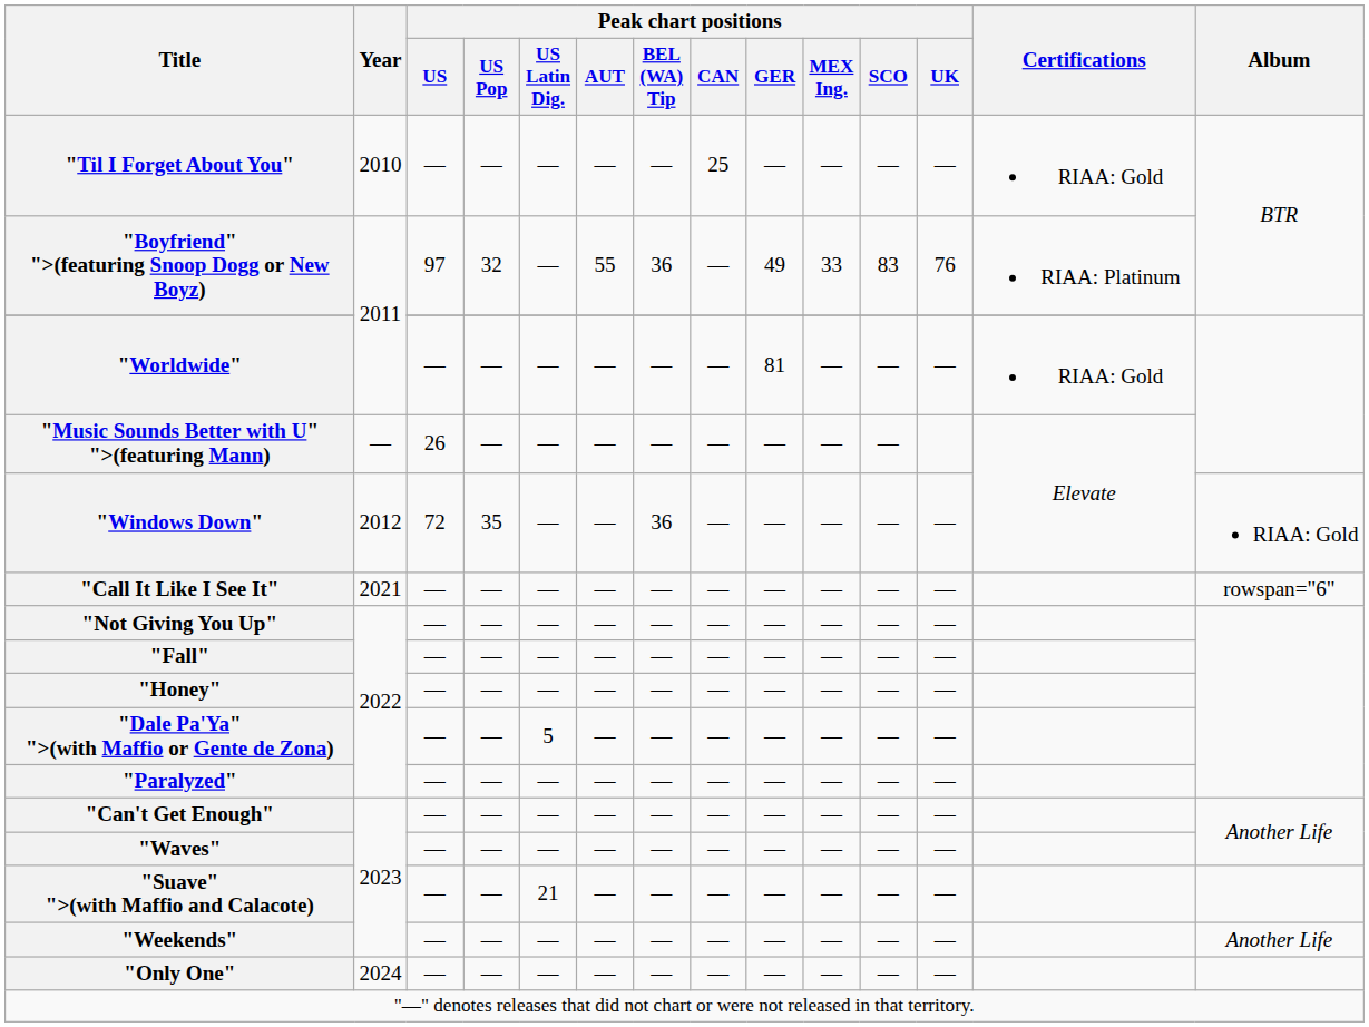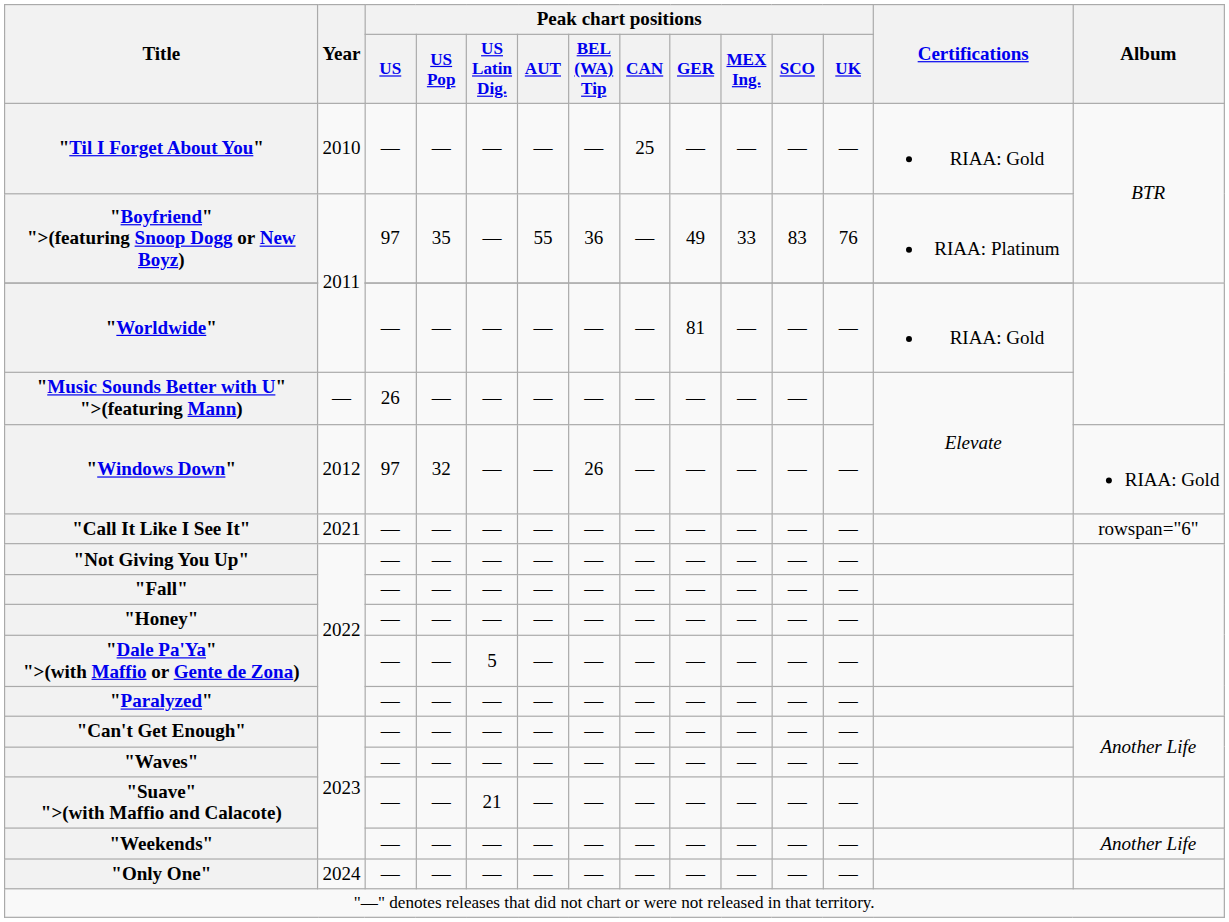 <table class="wikitable plainrowheaders" style="text-align:center;">
 <tr>
 <th scope="col" rowspan="2" style="width:16em;">Title</th>
 <th scope="col" rowspan="2">Year</th>
 <th scope="col" colspan="10">Peak chart positions</th>
 <th scope="col" rowspan="2" style="width:10em;"><a href='#'>Certifications</a></th>
 <th scope="col" rowspan="2">Album</th>
 </tr>
 <tr>
 <th scope="col" style="width:2.5em;font-size:90%;"><a href='#'>US</a><br></th>
 <th scope="col" style="width:2.5em;font-size:90%;"><a href='#'>US<br>Pop</a><br></th>
 <th scope="col" style="width:2.5em;font-size:90%;"><a href='#'>US<br>Latin Dig.</a><br></th>
 <th scope="col" style="width:2.5em;font-size:90%;"><a href='#'>AUT</a><br></th>
 <th scope="col" style="width:2.5em;font-size:90%;"><a href='#'>BEL (WA)<br>Tip</a><br></th>
 <th scope="col" style="width:2.5em;font-size:90%;"><a href='#'>CAN</a><br></th>
 <th scope="col" style="width:2.5em;font-size:90%;"><a href='#'>GER</a><br></th>
 <th scope="col" style="width:2.5em;font-size:90%;"><a href='#'>MEX<br>Ing.</a><br></th>
 <th scope="col" style="width:2.5em;font-size:90%;"><a href='#'>SCO</a><br></th>
 <th scope="col" style="width:2.5em;font-size:90%;"><a href='#'>UK</a><br></th>
 </tr>
 <tr>
 <th scope="row">"<a href='#'>Til I Forget About You</a>"</th>
 <td>2010</td>
 <td>—</td>
 <td>—</td>
 <td>—</td>
 <td>—</td>
 <td>—</td>
 <td>25</td>
 <td>—</td>
 <td>—</td>
 <td>—</td>
 <td>—</td>
 <td><br><ul><li>RIAA: Gold</li></ul></td>
 <td rowspan="3"><em>BTR</em></td>
 </tr>
 <tr>
 <th scope="row">"<a href='#'>Boyfriend</a>"<br><span>">(featuring <a href='#'>Snoop Dogg</a> or <a href='#'>New Boyz</a>)</span></th>
 <td rowspan="3">2011</td>
 <td>97</td>
-<td>32</td>
+<td>35</td>
 <td>—</td>
 <td>55</td>
 <td>36</td>
 <td>—</td>
 <td>49</td>
 <td>33</td>
 <td>83</td>
 <td>76</td>
 <td><br><ul><li>RIAA: Platinum</li></ul></td>
 </tr>
 <tr>
 </tr>
 <tr>
 <th scope="row">"<a href='#'>Worldwide</a>"</th>
 <td>—</td>
 <td>—</td>
 <td>—</td>
 <td>—</td>
 <td>—</td>
 <td>—</td>
 <td>81</td>
 <td>—</td>
 <td>—</td>
 <td>—</td>
 <td><br><ul><li>RIAA: Gold</li></ul></td>
 </tr>
 <tr>
 <th scope="row">"<a href='#'>Music Sounds Better with U</a>"<br><span>">(featuring <a href='#'>Mann</a>)</span></th>
 <td>—</td>
 <td>26</td>
 <td>—</td>
 <td>—</td>
 <td>—</td>
 <td>—</td>
 <td>—</td>
 <td>—</td>
 <td>—</td>
 <td>—</td>
 <td></td>
 <td rowspan="2"><em>Elevate</em></td>
 </tr>
 <tr>
 <th scope="row">"<a href='#'>Windows Down</a>"</th>
 <td>2012</td>
-<td>72</td>
-<td>35</td>
+<td>97</td>
+<td>32</td>
 <td>—</td>
 <td>—</td>
-<td>36</td>
+<td>26</td>
 <td>—</td>
 <td>—</td>
 <td>—</td>
 <td>—</td>
 <td>—</td>
 <td><br><ul><li>RIAA: Gold</li></ul></td>
 </tr>
 <tr>
 <th scope="row">"Call It Like I See It"</th>
 <td>2021</td>
 <td>—</td>
 <td>—</td>
 <td>—</td>
 <td>—</td>
 <td>—</td>
 <td>—</td>
 <td>—</td>
 <td>—</td>
 <td>—</td>
 <td>—</td>
 <td></td>
 <td>rowspan="6" </td>
 </tr>
 <tr>
 <th scope="row">"Not Giving You Up"</th>
 <td rowspan="5">2022</td>
 <td>—</td>
 <td>—</td>
 <td>—</td>
 <td>—</td>
 <td>—</td>
 <td>—</td>
 <td>—</td>
 <td>—</td>
 <td>—</td>
 <td>—</td>
 <td></td>
 </tr>
 <tr>
 <th scope="row">"Fall"</th>
 <td>—</td>
 <td>—</td>
 <td>—</td>
 <td>—</td>
 <td>—</td>
 <td>—</td>
 <td>—</td>
 <td>—</td>
 <td>—</td>
 <td>—</td>
 <td></td>
 </tr>
 <tr>
 <th scope="row">"Honey"</th>
 <td>—</td>
 <td>—</td>
 <td>—</td>
 <td>—</td>
 <td>—</td>
 <td>—</td>
 <td>—</td>
 <td>—</td>
 <td>—</td>
 <td>—</td>
 <td></td>
 </tr>
 <tr>
 <th scope="row">"<a href='#'>Dale Pa'Ya</a>"<br><span>">(with <a href='#'>Maffio</a> or <a href='#'>Gente de Zona</a>)</span></th>
 <td>—</td>
 <td>—</td>
 <td>5</td>
 <td>—</td>
 <td>—</td>
 <td>—</td>
 <td>—</td>
 <td>—</td>
 <td>—</td>
 <td>—</td>
 <td></td>
 </tr>
 <tr>
 <th scope="row">"<a href='#'>Paralyzed</a>"</th>
 <td>—</td>
 <td>—</td>
 <td>—</td>
 <td>—</td>
 <td>—</td>
 <td>—</td>
 <td>—</td>
 <td>—</td>
 <td>—</td>
 <td>—</td>
 <td></td>
 </tr>
 <tr>
 <th scope="row">"Can't Get Enough"</th>
 <td rowspan="4">2023</td>
 <td>—</td>
 <td>—</td>
 <td>—</td>
 <td>—</td>
 <td>—</td>
 <td>—</td>
 <td>—</td>
 <td>—</td>
 <td>—</td>
 <td>—</td>
 <td></td>
 <td rowspan="2"><em>Another Life</em></td>
 </tr>
 <tr>
 <th scope="row">"Waves"</th>
 <td>—</td>
 <td>—</td>
 <td>—</td>
 <td>—</td>
 <td>—</td>
 <td>—</td>
 <td>—</td>
 <td>—</td>
 <td>—</td>
 <td>—</td>
 <td></td>
 </tr>
 <tr>
 <th scope="row">"Suave"<br><span>">(with Maffio and Calacote)</span></th>
 <td>—</td>
 <td>—</td>
 <td>21</td>
 <td>—</td>
 <td>—</td>
 <td>—</td>
 <td>—</td>
 <td>—</td>
 <td>—</td>
 <td>—</td>
 <td></td>
 <td></td>
 </tr>
 <tr>
 <th scope="row">"Weekends"</th>
 <td>—</td>
 <td>—</td>
 <td>—</td>
 <td>—</td>
 <td>—</td>
 <td>—</td>
 <td>—</td>
 <td>—</td>
 <td>—</td>
 <td>—</td>
 <td></td>
 <td><em>Another Life</em></td>
 </tr>
 <tr>
 <th scope="row">"Only One"</th>
 <td rowspan="1">2024</td>
 <td>—</td>
 <td>—</td>
 <td>—</td>
 <td>—</td>
 <td>—</td>
 <td>—</td>
 <td>—</td>
 <td>—</td>
 <td>—</td>
 <td>—</td>
 <td></td>
 <td></td>
 </tr>
 <tr>
 <td colspan="14" style="text-align:center; font-size:90%;">"—" denotes releases that did not chart or were not released in that territory.</td>
 </tr>
 </table>
